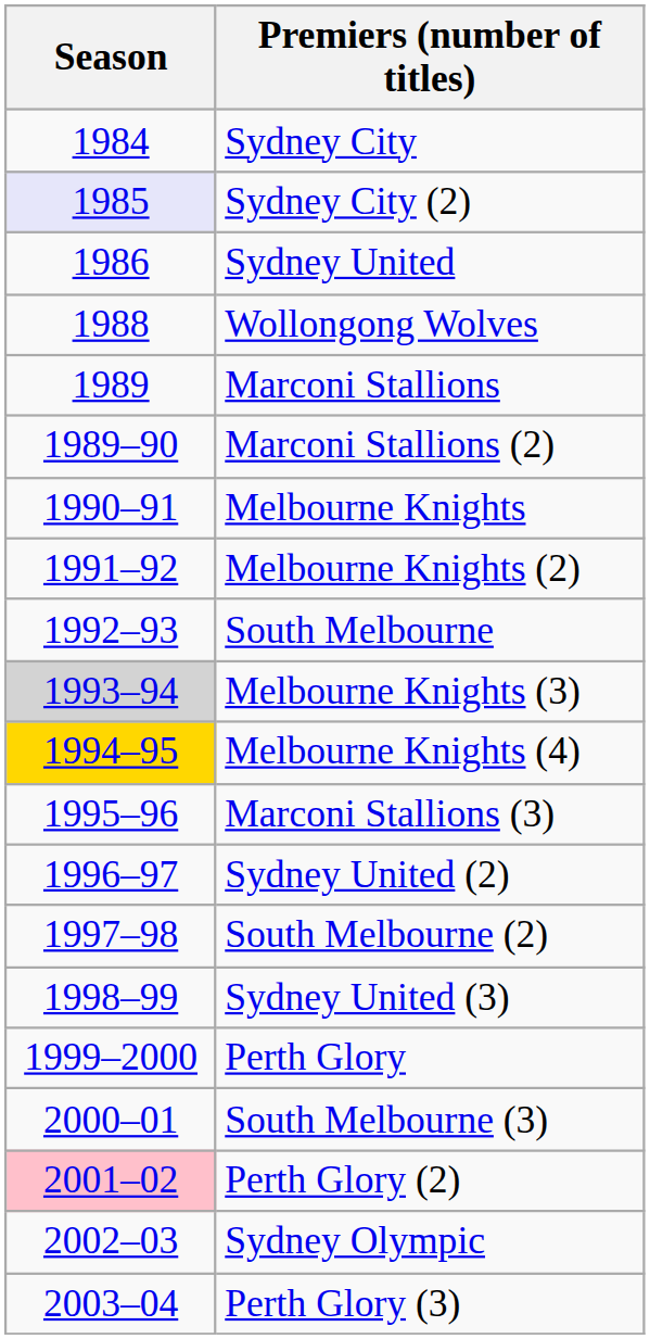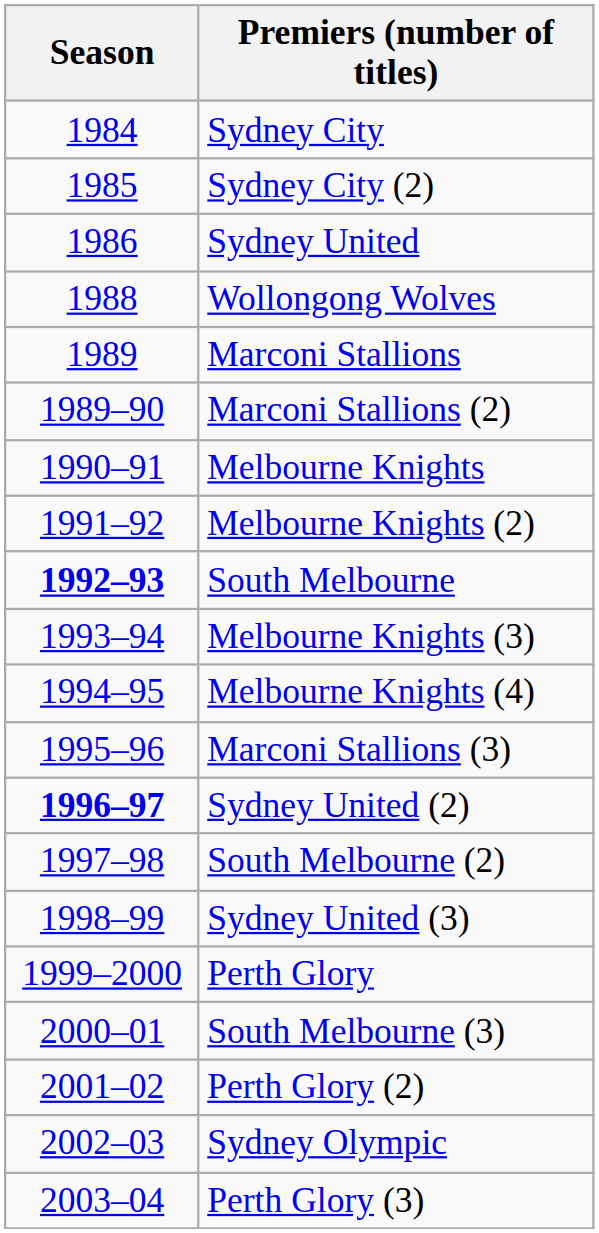 <table class="wikitable sortable">
 <tr>
 <th width="80">Season</th>
 <th width="170">Premiers (number of titles)</th>
 </tr>
 <tr>
 <td align=center><a href='#'>1984</a></td>
 <td><a href='#'>Sydney City</a></td>
 </tr>
 <tr>
-<td align=center style="background: lavender;"><a href='#'>1985</a></td>
+<td align=center><a href='#'>1985</a></td>
 <td><a href='#'>Sydney City</a> (2)</td>
 </tr>
 <tr>
 <td align=center><a href='#'>1986</a></td>
 <td><a href='#'>Sydney United</a></td>
 </tr>
 <tr>
 <td align=center><a href='#'>1988</a></td>
 <td><a href='#'>Wollongong Wolves</a></td>
 </tr>
 <tr>
 <td align=center><a href='#'>1989</a></td>
 <td><a href='#'>Marconi Stallions</a></td>
 </tr>
 <tr>
 <td align=center><a href='#'>1989–90</a></td>
 <td><a href='#'>Marconi Stallions</a> (2)</td>
 </tr>
 <tr>
 <td align=center><a href='#'>1990–91</a></td>
 <td><a href='#'>Melbourne Knights</a></td>
 </tr>
 <tr>
 <td align=center><a href='#'>1991–92</a></td>
 <td><a href='#'>Melbourne Knights</a> (2)</td>
 </tr>
 <tr>
-<td align=center><a href='#'>1992–93</a></td>
+<td align=center><strong><a href='#'>1992–93</a></strong></td>
 <td><a href='#'>South Melbourne</a></td>
 </tr>
 <tr>
-<td align=center style="background: lightgrey;"><a href='#'>1993–94</a></td>
+<td align=center><a href='#'>1993–94</a></td>
 <td><a href='#'>Melbourne Knights</a> (3)</td>
 </tr>
 <tr>
-<td align=center style="background: gold;"><a href='#'>1994–95</a></td>
+<td align=center><a href='#'>1994–95</a></td>
 <td><a href='#'>Melbourne Knights</a> (4)</td>
 </tr>
 <tr>
 <td align=center><a href='#'>1995–96</a></td>
 <td><a href='#'>Marconi Stallions</a> (3)</td>
 </tr>
 <tr>
-<td align=center><a href='#'>1996–97</a></td>
+<td align=center><strong><a href='#'>1996–97</a></strong></td>
 <td><a href='#'>Sydney United</a> (2)</td>
 </tr>
 <tr>
 <td align=center><a href='#'>1997–98</a></td>
 <td><a href='#'>South Melbourne</a> (2)</td>
 </tr>
 <tr>
 <td align=center><a href='#'>1998–99</a></td>
 <td><a href='#'>Sydney United</a> (3)</td>
 </tr>
 <tr>
 <td align=center><a href='#'>1999–2000</a></td>
 <td><a href='#'>Perth Glory</a></td>
 </tr>
 <tr>
 <td align=center><a href='#'>2000–01</a></td>
 <td><a href='#'>South Melbourne</a> (3)</td>
 </tr>
 <tr>
-<td align=center style="background: pink;"><a href='#'>2001–02</a></td>
+<td align=center><a href='#'>2001–02</a></td>
 <td><a href='#'>Perth Glory</a> (2)</td>
 </tr>
 <tr>
 <td align=center><a href='#'>2002–03</a></td>
 <td><a href='#'>Sydney Olympic</a></td>
 </tr>
 <tr>
 <td align=center><a href='#'>2003–04</a></td>
 <td><a href='#'>Perth Glory</a> (3)</td>
 </tr>
 </table>
